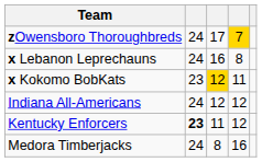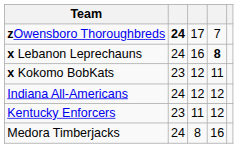 <table class="wikitable" style="text-align:center">
 <tr>
 <th>Team</th>
 <th></th>
 <th></th>
 <th></th>
 <th></th>
 </tr>
 <tr>
 <td align=left><strong>z</strong><a href='#'>Owensboro Thoroughbreds</a></td>
-<td>24</td>
+<td><strong>24</strong></td>
 <td>17</td>
-<td style="background: gold;">7</td>
+<td>7</td>
 <td></td>
 </tr>
 <tr>
 <td align=left><strong>x</strong> Lebanon Leprechauns</td>
 <td>24</td>
 <td>16</td>
-<td>8</td>
+<td><strong>8</strong></td>
 <td></td>
 </tr>
 <tr>
 <td align=left><strong> x</strong> Kokomo BobKats</td>
 <td>23</td>
-<td style="background: gold;">12</td>
+<td>12</td>
 <td>11</td>
 <td></td>
 </tr>
 <tr>
 <td align=left><a href='#'>Indiana All-Americans</a></td>
 <td>24</td>
 <td>12</td>
 <td>12</td>
 <td></td>
 </tr>
 <tr>
 <td align=left><a href='#'>Kentucky Enforcers</a></td>
-<td><strong>23</strong></td>
+<td>23</td>
 <td>11</td>
 <td>12</td>
 <td></td>
 </tr>
 <tr>
 <td align=left>Medora Timberjacks</td>
 <td>24</td>
 <td>8</td>
 <td>16</td>
 <td></td>
 </tr>
 </table>
